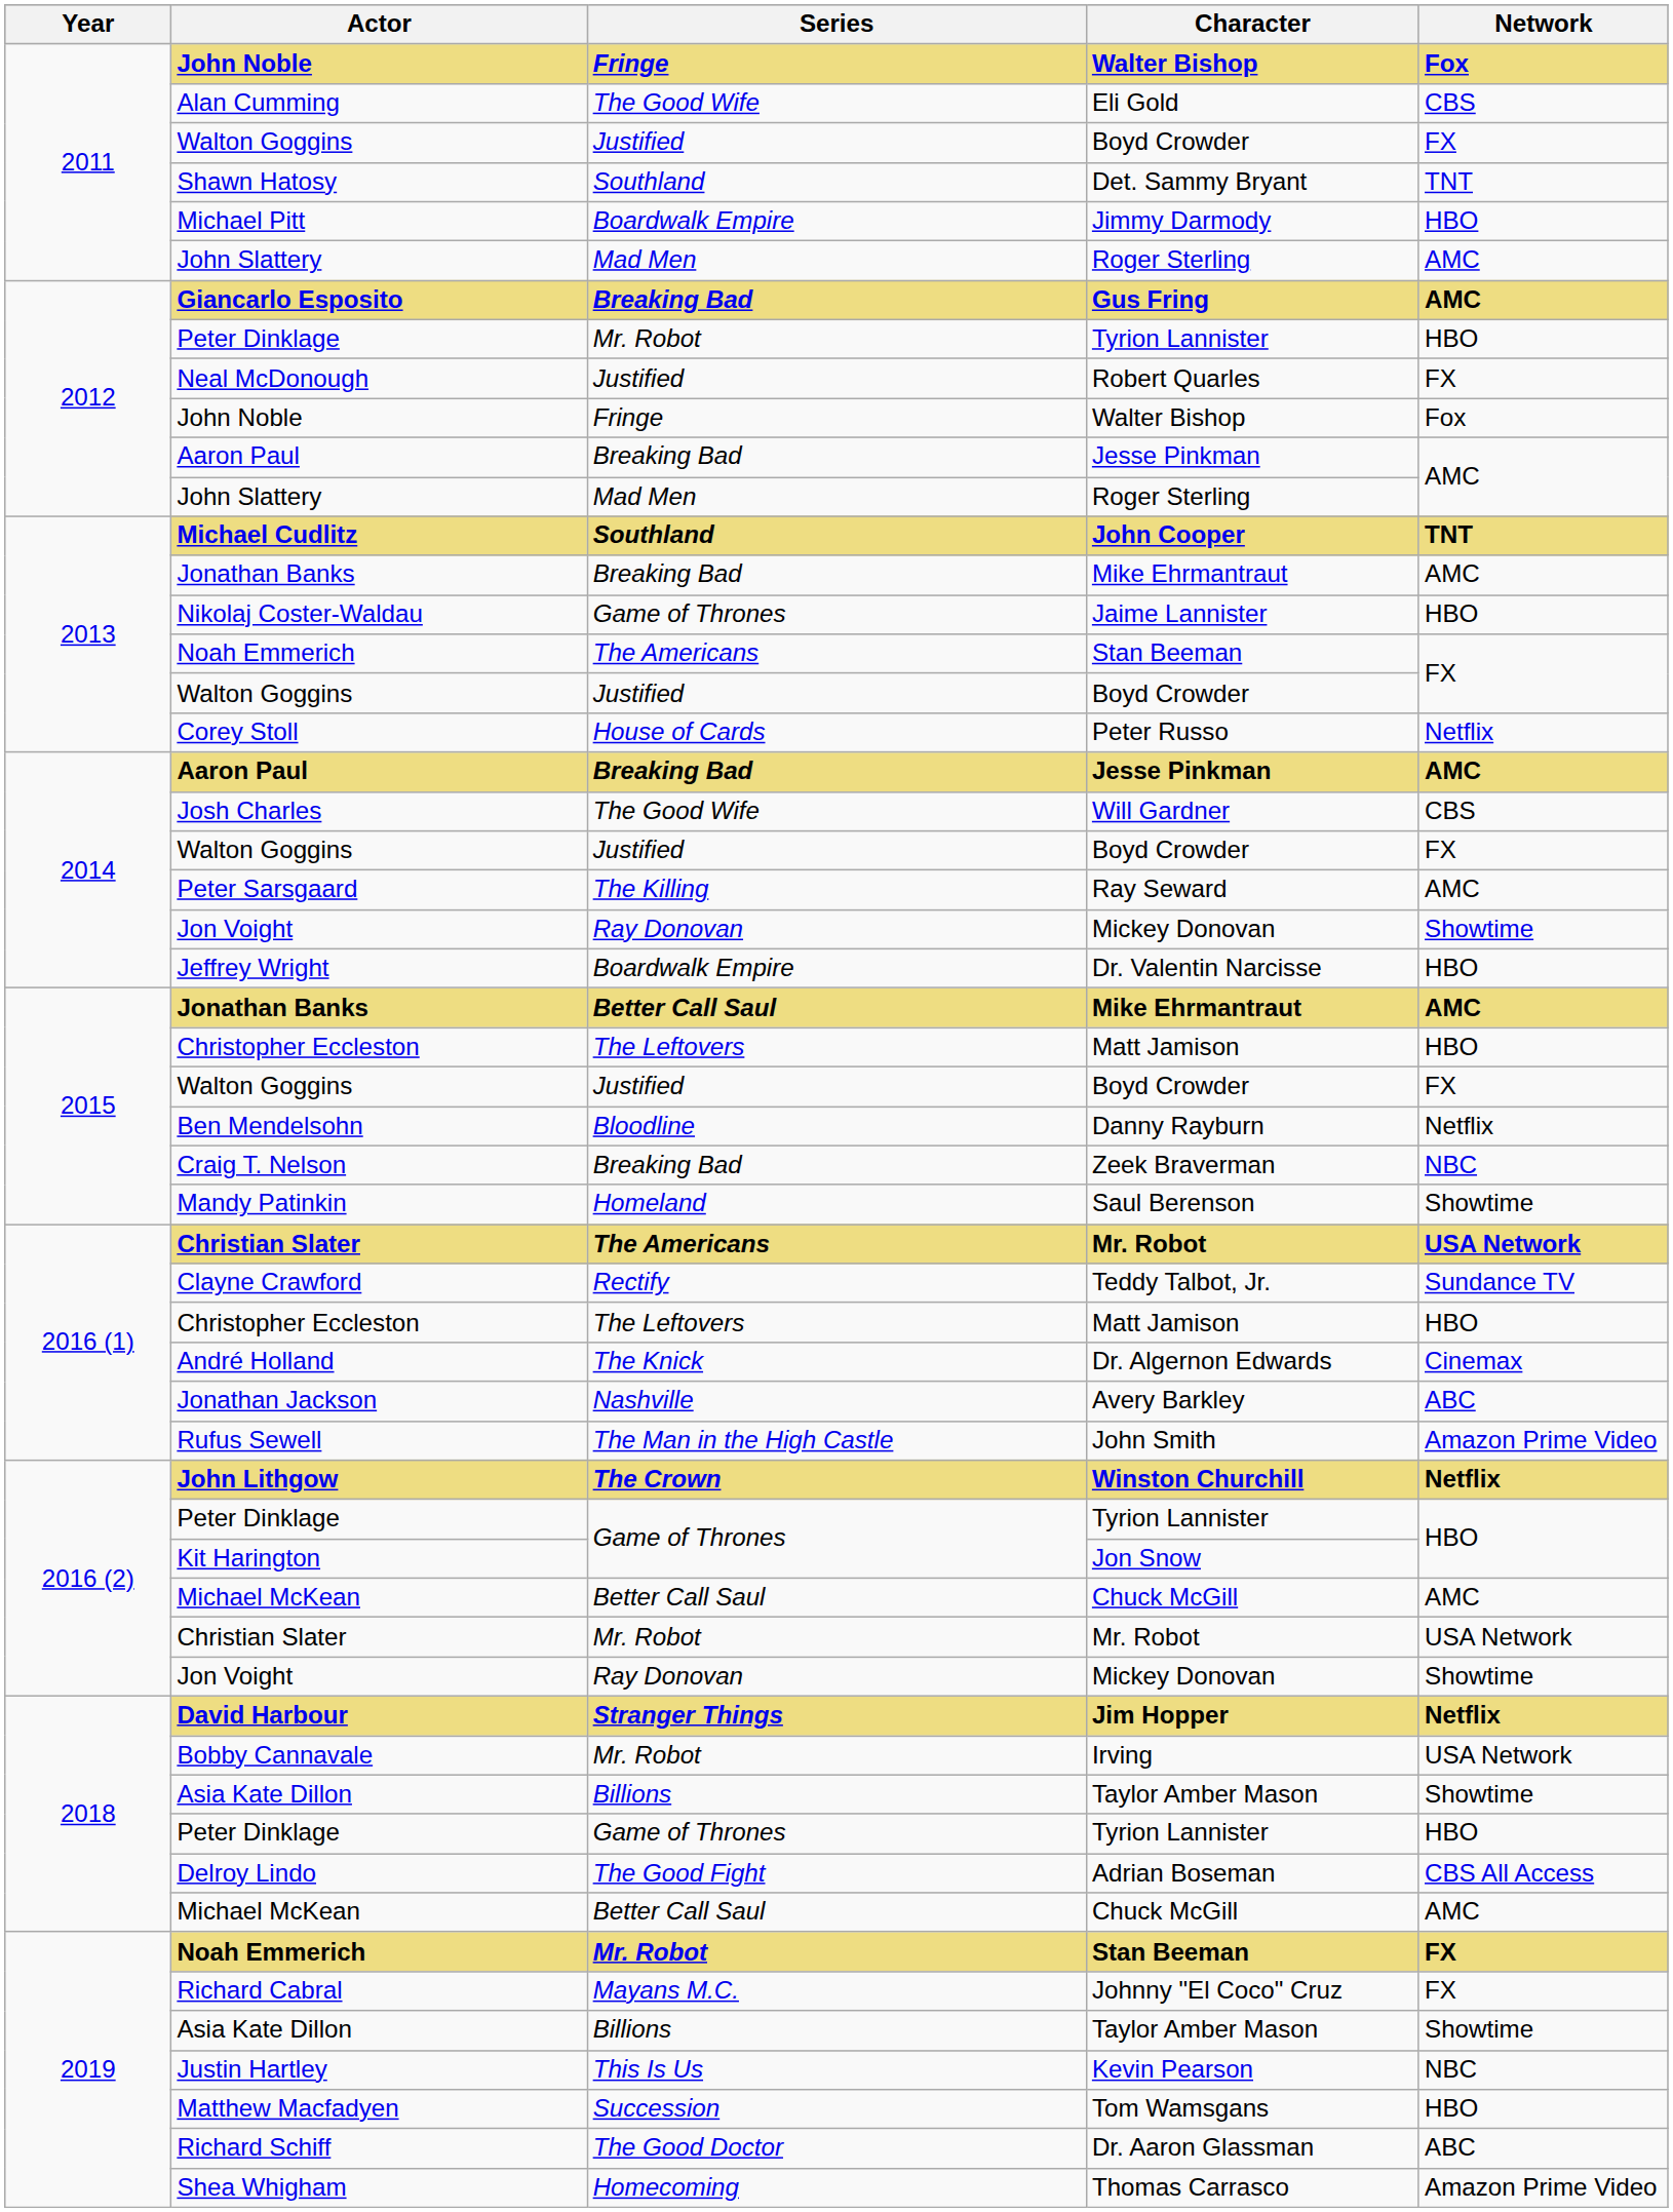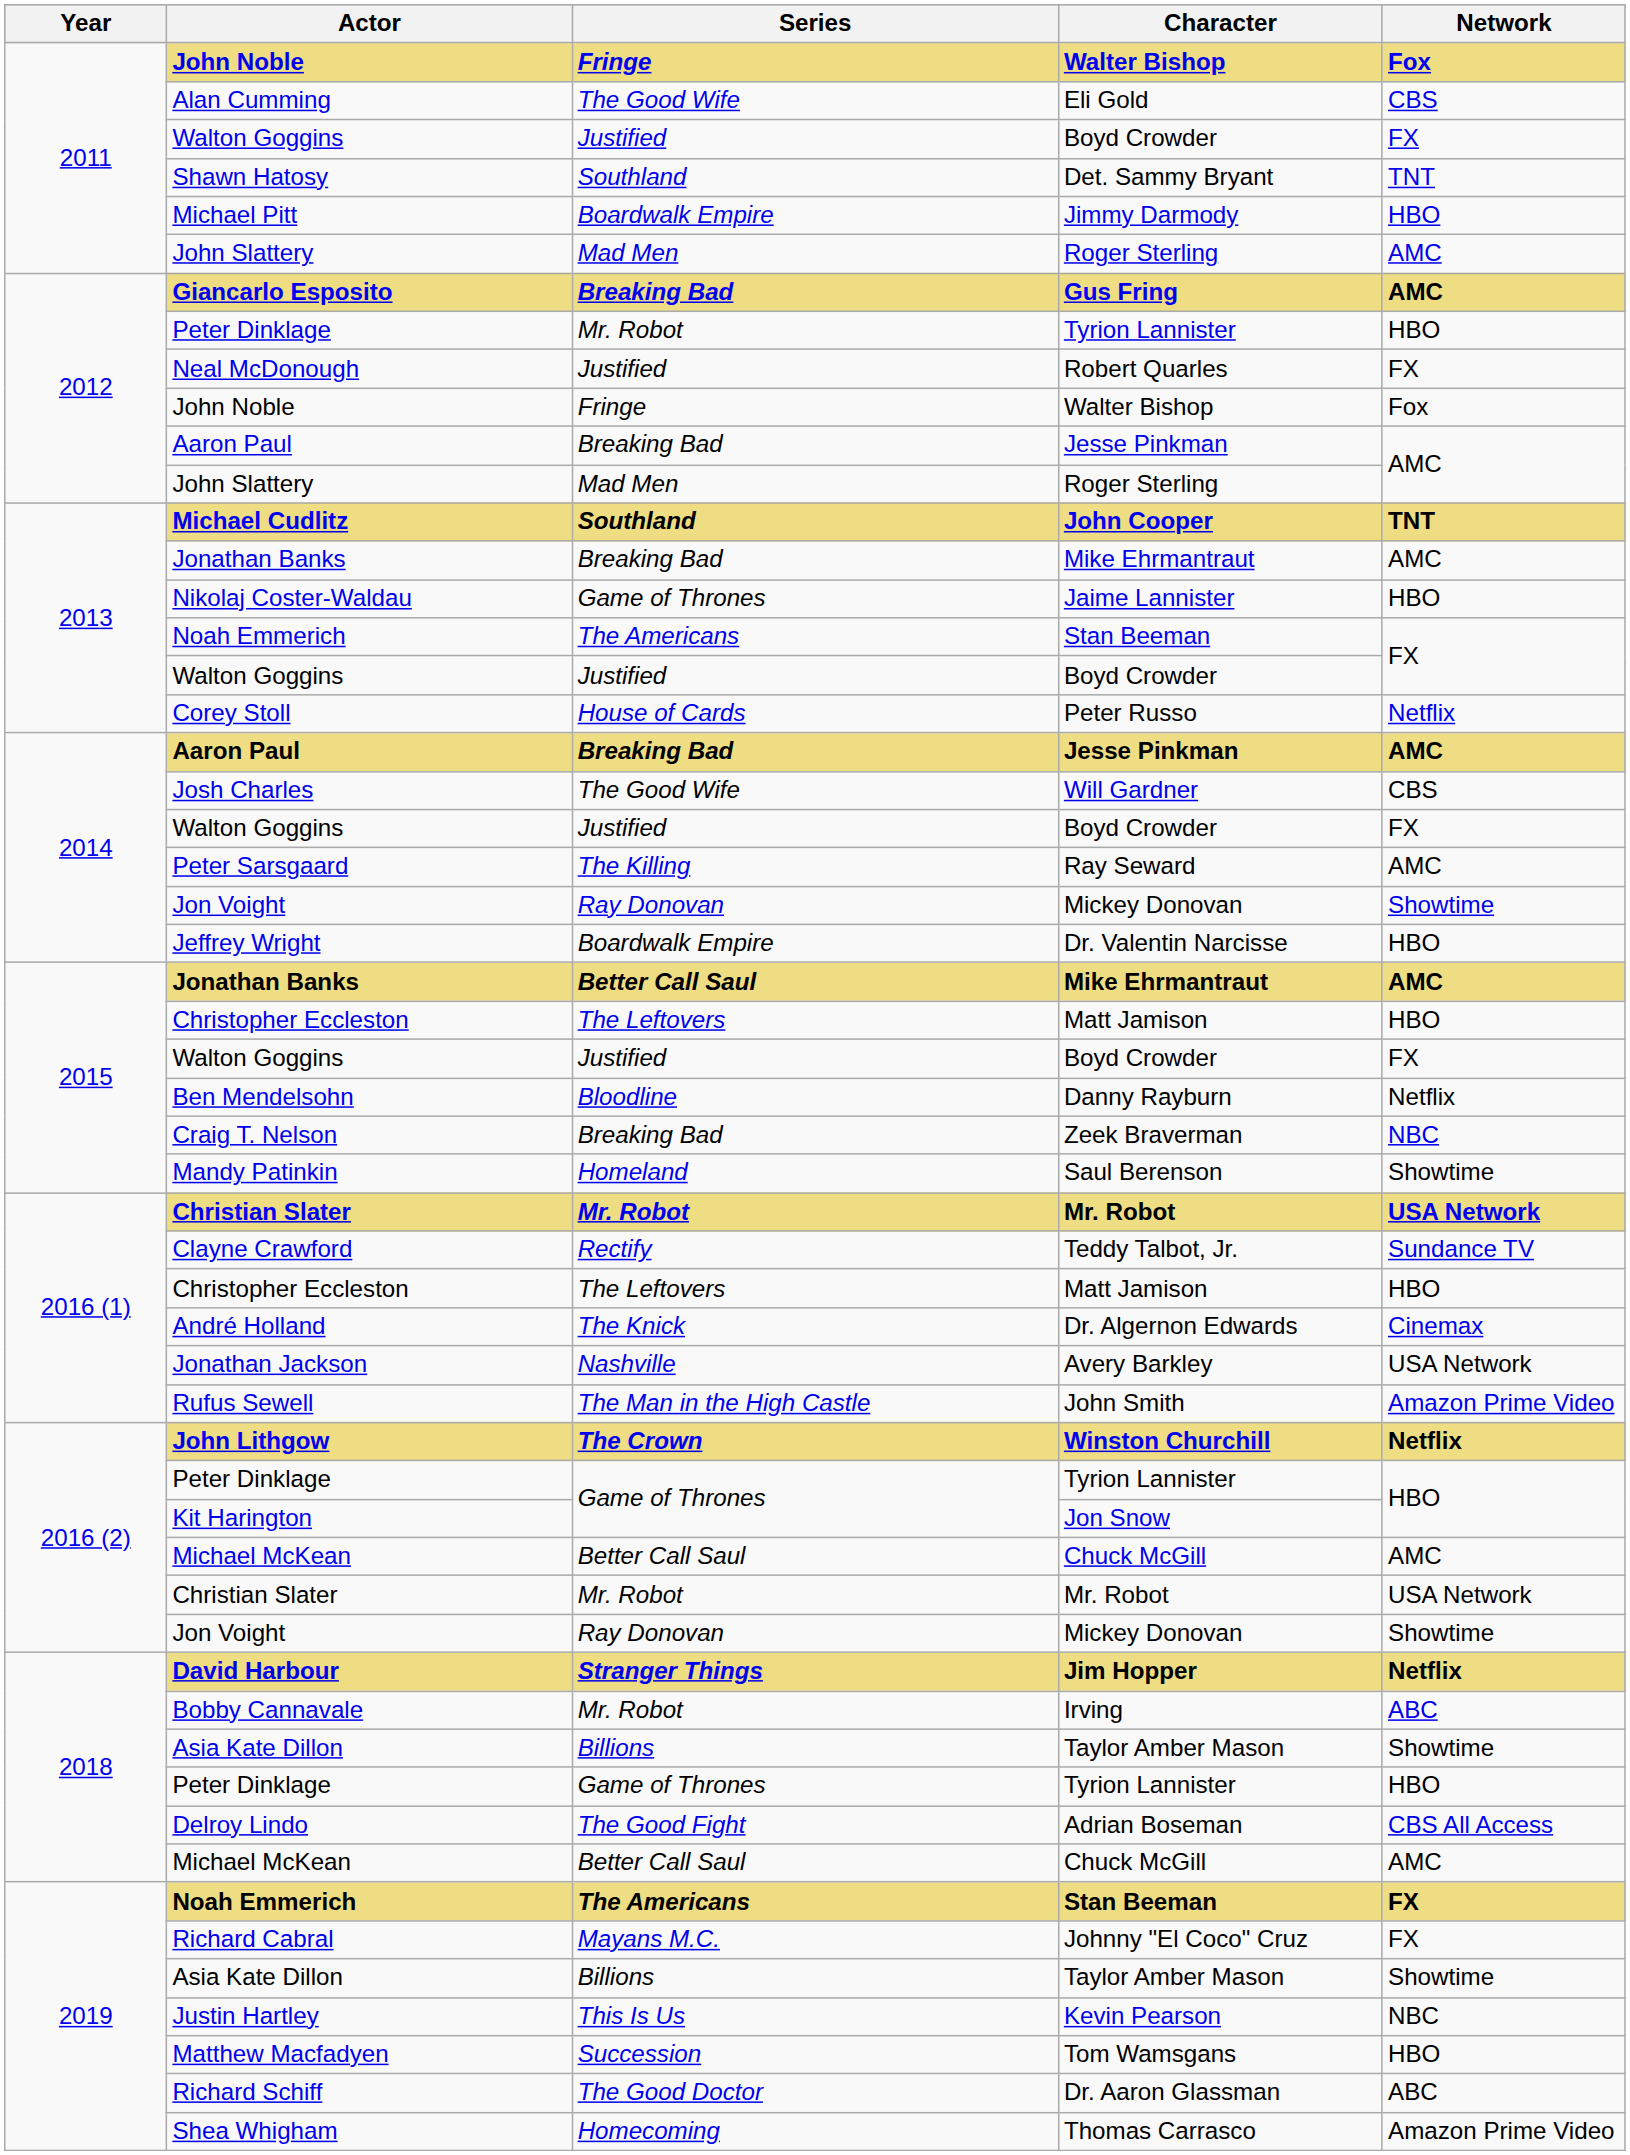 <table class="wikitable" style="width:85%">
 <tr style="background:#bebebe;">
 <th style="width:10%;">Year</th>
 <th style="wodth:25%;">Actor</th>
 <th style="width:30%;">Series</th>
 <th style="width:20%;">Character</th>
 <th style="width:15%;">Network</th>
 </tr>
 <tr>
 <td rowspan="6" style="text-align:center;"><a href='#'>2011</a><br></td>
 <td style="background:#EEDD82;"><strong><a href='#'>John Noble</a></strong></td>
 <td style="background:#EEDD82;"><strong><em><a href='#'>Fringe</a></em></strong></td>
 <td style="background:#EEDD82;"><strong><a href='#'>Walter Bishop</a></strong></td>
 <td style="background:#EEDD82;"><strong><a href='#'>Fox</a></strong></td>
 </tr>
 <tr>
 <td><a href='#'>Alan Cumming</a></td>
 <td><em><a href='#'>The Good Wife</a></em></td>
 <td>Eli Gold</td>
 <td><a href='#'>CBS</a></td>
 </tr>
 <tr>
 <td><a href='#'>Walton Goggins</a></td>
 <td><em><a href='#'>Justified</a></em></td>
 <td>Boyd Crowder</td>
 <td><a href='#'>FX</a></td>
 </tr>
 <tr>
 <td><a href='#'>Shawn Hatosy</a></td>
 <td><em><a href='#'>Southland</a></em></td>
 <td>Det. Sammy Bryant</td>
 <td><a href='#'>TNT</a></td>
 </tr>
 <tr>
 <td><a href='#'>Michael Pitt</a></td>
 <td><em><a href='#'>Boardwalk Empire</a></em></td>
 <td><a href='#'>Jimmy Darmody</a></td>
 <td><a href='#'>HBO</a></td>
 </tr>
 <tr>
 <td><a href='#'>John Slattery</a></td>
 <td><em><a href='#'>Mad Men</a></em></td>
 <td><a href='#'>Roger Sterling</a></td>
 <td><a href='#'>AMC</a></td>
 </tr>
 <tr>
 <td rowspan="6" style="text-align:center;"><a href='#'>2012</a><br></td>
 <td style="background:#EEDD82;"><strong><a href='#'>Giancarlo Esposito</a></strong></td>
 <td style="background:#EEDD82;"><strong><em><a href='#'>Breaking Bad</a></em></strong></td>
 <td style="background:#EEDD82;"><strong><a href='#'>Gus Fring</a></strong></td>
 <td style="background:#EEDD82;"><strong>AMC</strong></td>
 </tr>
 <tr>
 <td><a href='#'>Peter Dinklage</a></td>
 <td><em>Mr. Robot</em></td>
 <td><a href='#'>Tyrion Lannister</a></td>
 <td>HBO</td>
 </tr>
 <tr>
 <td><a href='#'>Neal McDonough</a></td>
 <td><em>Justified</em></td>
 <td>Robert Quarles</td>
 <td>FX</td>
 </tr>
 <tr>
 <td>John Noble</td>
 <td><em>Fringe</em></td>
 <td>Walter Bishop</td>
 <td>Fox</td>
 </tr>
 <tr>
 <td><a href='#'>Aaron Paul</a></td>
 <td><em>Breaking Bad</em></td>
 <td><a href='#'>Jesse Pinkman</a></td>
 <td rowspan="2">AMC</td>
 </tr>
 <tr>
 <td>John Slattery</td>
 <td><em>Mad Men</em></td>
 <td>Roger Sterling</td>
 </tr>
 <tr>
 <td rowspan="6" style="text-align:center;"><a href='#'>2013</a><br></td>
 <td style="background:#EEDD82;"><strong><a href='#'>Michael Cudlitz</a></strong></td>
 <td style="background:#EEDD82;"><strong><em>Southland</em></strong></td>
 <td style="background:#EEDD82;"><strong><a href='#'>John Cooper</a></strong></td>
 <td style="background:#EEDD82;"><strong>TNT</strong></td>
 </tr>
 <tr>
 <td><a href='#'>Jonathan Banks</a></td>
 <td><em>Breaking Bad</em></td>
 <td><a href='#'>Mike Ehrmantraut</a></td>
 <td>AMC</td>
 </tr>
 <tr>
 <td><a href='#'>Nikolaj Coster-Waldau</a></td>
 <td><em>Game of Thrones</em></td>
 <td><a href='#'>Jaime Lannister</a></td>
 <td>HBO</td>
 </tr>
 <tr>
 <td><a href='#'>Noah Emmerich</a></td>
 <td><em><a href='#'>The Americans</a></em></td>
 <td><a href='#'>Stan Beeman</a></td>
 <td rowspan="2">FX</td>
 </tr>
 <tr>
 <td>Walton Goggins</td>
 <td><em>Justified</em></td>
 <td>Boyd Crowder</td>
 </tr>
 <tr>
 <td><a href='#'>Corey Stoll</a></td>
 <td><em><a href='#'>House of Cards</a></em></td>
 <td>Peter Russo</td>
 <td><a href='#'>Netflix</a></td>
 </tr>
 <tr>
 <td rowspan="6" style="text-align:center;"><a href='#'>2014</a><br></td>
 <td style="background:#EEDD82;"><strong>Aaron Paul</strong></td>
 <td style="background:#EEDD82;"><strong><em>Breaking Bad</em></strong></td>
 <td style="background:#EEDD82;"><strong>Jesse Pinkman</strong></td>
 <td style="background:#EEDD82;"><strong>AMC</strong></td>
 </tr>
 <tr>
 <td><a href='#'>Josh Charles</a></td>
 <td><em>The Good Wife</em></td>
 <td><a href='#'>Will Gardner</a></td>
 <td>CBS</td>
 </tr>
 <tr>
 <td>Walton Goggins</td>
 <td><em>Justified</em></td>
 <td>Boyd Crowder</td>
 <td>FX</td>
 </tr>
 <tr>
 <td><a href='#'>Peter Sarsgaard</a></td>
 <td><em><a href='#'>The Killing</a></em></td>
 <td>Ray Seward</td>
 <td>AMC</td>
 </tr>
 <tr>
 <td><a href='#'>Jon Voight</a></td>
 <td><em><a href='#'>Ray Donovan</a></em></td>
 <td>Mickey Donovan</td>
 <td><a href='#'>Showtime</a></td>
 </tr>
 <tr>
 <td><a href='#'>Jeffrey Wright</a></td>
 <td><em>Boardwalk Empire</em></td>
 <td>Dr. Valentin Narcisse</td>
 <td>HBO</td>
 </tr>
 <tr>
 <td rowspan="6" style="text-align:center;"><a href='#'>2015</a><br></td>
 <td style="background:#EEDD82;"><strong>Jonathan Banks</strong></td>
 <td style="background:#EEDD82;"><strong><em>Better Call Saul</em></strong></td>
 <td style="background:#EEDD82;"><strong>Mike Ehrmantraut</strong></td>
 <td style="background:#EEDD82;"><strong>AMC</strong></td>
 </tr>
 <tr>
 <td><a href='#'>Christopher Eccleston</a></td>
 <td><em><a href='#'>The Leftovers</a></em></td>
 <td>Matt Jamison</td>
 <td>HBO</td>
 </tr>
 <tr>
 <td>Walton Goggins</td>
 <td><em>Justified</em></td>
 <td>Boyd Crowder</td>
 <td>FX</td>
 </tr>
 <tr>
 <td><a href='#'>Ben Mendelsohn</a></td>
 <td><em><a href='#'>Bloodline</a></em></td>
 <td>Danny Rayburn</td>
 <td>Netflix</td>
 </tr>
 <tr>
 <td><a href='#'>Craig T. Nelson</a></td>
 <td><em>Breaking Bad</em></td>
 <td>Zeek Braverman</td>
 <td><a href='#'>NBC</a></td>
 </tr>
 <tr>
 <td><a href='#'>Mandy Patinkin</a></td>
 <td><em><a href='#'>Homeland</a></em></td>
 <td>Saul Berenson</td>
 <td>Showtime</td>
 </tr>
 <tr>
 <td rowspan="6" style="text-align:center;"><a href='#'>2016 (1)</a><br></td>
 <td style="background:#EEDD82;"><strong><a href='#'>Christian Slater</a></strong></td>
-<td style="background:#EEDD82;"><strong><em>The Americans</em></strong></td>
+<td style="background:#EEDD82;"><strong><em><a href='#'>Mr. Robot</a></em></strong></td>
 <td style="background:#EEDD82;"><strong>Mr. Robot</strong></td>
 <td style="background:#EEDD82;"><strong><a href='#'>USA Network</a></strong></td>
 </tr>
 <tr>
 <td><a href='#'>Clayne Crawford</a></td>
 <td><em><a href='#'>Rectify</a></em></td>
 <td>Teddy Talbot, Jr.</td>
 <td><a href='#'>Sundance TV</a></td>
 </tr>
 <tr>
 <td>Christopher Eccleston</td>
 <td><em>The Leftovers</em></td>
 <td>Matt Jamison</td>
 <td>HBO</td>
 </tr>
 <tr>
 <td><a href='#'>André Holland</a></td>
 <td><em><a href='#'>The Knick</a></em></td>
 <td>Dr. Algernon Edwards</td>
 <td><a href='#'>Cinemax</a></td>
 </tr>
 <tr>
 <td><a href='#'>Jonathan Jackson</a></td>
 <td><em><a href='#'>Nashville</a></em></td>
 <td>Avery Barkley</td>
-<td><a href='#'>ABC</a></td>
+<td>USA Network</td>
 </tr>
 <tr>
 <td><a href='#'>Rufus Sewell</a></td>
 <td><em><a href='#'>The Man in the High Castle</a></em></td>
 <td>John Smith</td>
 <td><a href='#'>Amazon Prime Video</a></td>
 </tr>
 <tr>
 <td rowspan="6" style="text-align:center;"><a href='#'>2016 (2)</a><br></td>
 <td style="background:#EEDD82;"><strong><a href='#'>John Lithgow</a></strong></td>
 <td style="background:#EEDD82;"><strong><em><a href='#'>The Crown</a></em></strong></td>
 <td style="background:#EEDD82;"><strong><a href='#'>Winston Churchill</a></strong></td>
 <td style="background:#EEDD82;"><strong>Netflix</strong></td>
 </tr>
 <tr>
 <td>Peter Dinklage</td>
 <td rowspan="2"><em>Game of Thrones</em></td>
 <td>Tyrion Lannister</td>
 <td rowspan="2">HBO</td>
 </tr>
 <tr>
 <td><a href='#'>Kit Harington</a></td>
 <td><a href='#'>Jon Snow</a></td>
 </tr>
 <tr>
 <td><a href='#'>Michael McKean</a></td>
 <td><em>Better Call Saul</em></td>
 <td><a href='#'>Chuck McGill</a></td>
 <td>AMC</td>
 </tr>
 <tr>
 <td>Christian Slater</td>
 <td><em>Mr. Robot</em></td>
 <td>Mr. Robot</td>
 <td>USA Network</td>
 </tr>
 <tr>
 <td>Jon Voight</td>
 <td><em>Ray Donovan</em></td>
 <td>Mickey Donovan</td>
 <td>Showtime</td>
 </tr>
 <tr>
 <td rowspan="6" style="text-align:center;"><a href='#'>2018</a><br></td>
 <td style="background:#EEDD82;"><strong><a href='#'>David Harbour</a></strong></td>
 <td style="background:#EEDD82;"><strong><em><a href='#'>Stranger Things</a></em></strong></td>
 <td style="background:#EEDD82;"><strong>Jim Hopper</strong></td>
 <td style="background:#EEDD82;"><strong>Netflix</strong></td>
 </tr>
 <tr>
 <td><a href='#'>Bobby Cannavale</a></td>
 <td><em>Mr. Robot</em></td>
 <td>Irving</td>
-<td>USA Network</td>
+<td><a href='#'>ABC</a></td>
 </tr>
 <tr>
 <td><a href='#'>Asia Kate Dillon</a></td>
 <td><em><a href='#'>Billions</a></em></td>
 <td>Taylor Amber Mason</td>
 <td>Showtime</td>
 </tr>
 <tr>
 <td>Peter Dinklage</td>
 <td><em>Game of Thrones</em></td>
 <td>Tyrion Lannister</td>
 <td>HBO</td>
 </tr>
 <tr>
 <td><a href='#'>Delroy Lindo</a></td>
 <td><em><a href='#'>The Good Fight</a></em></td>
 <td>Adrian Boseman</td>
 <td><a href='#'>CBS All Access</a></td>
 </tr>
 <tr>
 <td>Michael McKean</td>
 <td><em>Better Call Saul</em></td>
 <td>Chuck McGill</td>
 <td>AMC</td>
 </tr>
 <tr>
 <td rowspan="7" style="text-align:center;"><a href='#'>2019</a><br></td>
 <td style="background:#EEDD82;"><strong>Noah Emmerich</strong></td>
-<td style="background:#EEDD82;"><strong><em><a href='#'>Mr. Robot</a></em></strong></td>
+<td style="background:#EEDD82;"><strong><em>The Americans</em></strong></td>
 <td style="background:#EEDD82;"><strong>Stan Beeman</strong></td>
 <td style="background:#EEDD82;"><strong>FX</strong></td>
 </tr>
 <tr>
 <td><a href='#'>Richard Cabral</a></td>
 <td><em><a href='#'>Mayans M.C.</a></em></td>
 <td>Johnny "El Coco" Cruz</td>
 <td>FX</td>
 </tr>
 <tr>
 <td>Asia Kate Dillon</td>
 <td><em>Billions</em></td>
 <td>Taylor Amber Mason</td>
 <td>Showtime</td>
 </tr>
 <tr>
 <td><a href='#'>Justin Hartley</a></td>
 <td><em><a href='#'>This Is Us</a></em></td>
 <td><a href='#'>Kevin Pearson</a></td>
 <td>NBC</td>
 </tr>
 <tr>
 <td><a href='#'>Matthew Macfadyen</a></td>
 <td><em><a href='#'>Succession</a></em></td>
 <td>Tom Wamsgans</td>
 <td>HBO</td>
 </tr>
 <tr>
 <td><a href='#'>Richard Schiff</a></td>
 <td><em><a href='#'>The Good Doctor</a></em></td>
 <td>Dr. Aaron Glassman</td>
 <td>ABC</td>
 </tr>
 <tr>
 <td><a href='#'>Shea Whigham</a></td>
 <td><em><a href='#'>Homecoming</a></em></td>
 <td>Thomas Carrasco</td>
 <td>Amazon Prime Video</td>
 </tr>
 </table>
